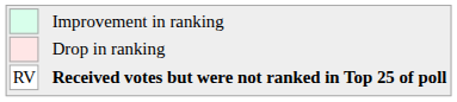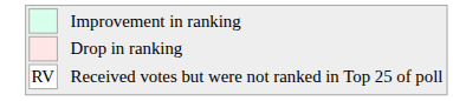 <table align=right style="font-size:90%; border:1px solid #aaaaaa; white-space:nowrap; background:#eeeeee;">
 <tr>
 <td style="background:#d8ffeb; width:20px; border:1px solid #aaaaaa;"> </td>
 <td rowspan=5> </td>
 <td>Improvement in ranking</td>
 </tr>
 <tr>
 <td style="background:#ffe6e6; width:20px; border:1px solid #aaaaaa;"> </td>
 <td>Drop in ranking</td>
 </tr>
 <tr>
 <td align=center style="width:20px; border:1px solid #aaaaaa; background:white;">RV</td>
-<td><strong>Received votes but were not ranked in Top 25 of poll</strong></td>
+<td>Received votes but were not ranked in Top 25 of poll</td>
 </tr>
 <tr>
 </tr>
 </table>
